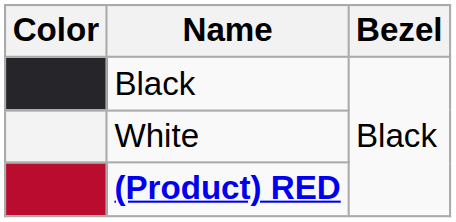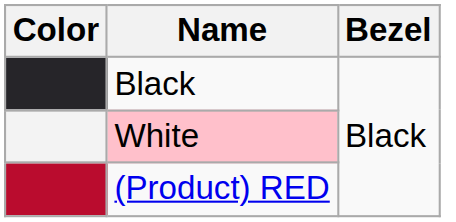 <table class="wikitable">
 <tr>
 <th>Color</th>
 <th>Name</th>
 <th>Bezel </th>
 </tr>
 <tr>
 <td bgcolor="262529"></td>
 <td>Black</td>
 <td rowspan="3">Black</td>
 </tr>
 <tr>
 <td bgcolor="F3F3F3"></td>
-<td>White</td>
+<td style="background: pink;">White</td>
 </tr>
 <tr>
 <td bgcolor="BA0C2E"></td>
-<td><strong><a href='#'>(Product) RED</a></strong></td>
+<td><a href='#'>(Product) RED</a></td>
 </tr>
 </table>
